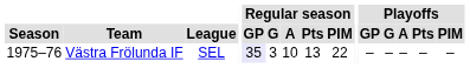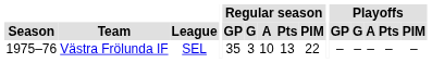 <table BORDER="0" CELLPADDING="2" CELLSPACING="0" ID="Table3" style="text-align:center">
 <tr bgcolor="#e0e0e0">
 <th colspan="3" bgcolor="#ffffff"></th>
 <th rowspan="99" bgcolor="#ffffff"></th>
 <th colspan="5">Regular season</th>
 <th rowspan="99" bgcolor="#ffffff"></th>
 <th colspan="5">Playoffs</th>
 </tr>
 <tr bgcolor="#e0e0e0">
 <th>Season</th>
 <th>Team</th>
 <th>League</th>
 <th>GP</th>
 <th>G</th>
 <th>A</th>
 <th>Pts</th>
 <th>PIM</th>
 <th>GP</th>
 <th>G</th>
 <th>A</th>
 <th>Pts</th>
 <th>PIM</th>
 </tr>
 <tr>
 <td>1975–76</td>
 <td><a href='#'>Västra Frölunda IF</a></td>
 <td><a href='#'>SEL</a></td>
-<td style="background: lavender;">35</td>
+<td>35</td>
 <td>3</td>
 <td>10</td>
 <td>13</td>
 <td>22</td>
 <td>–</td>
 <td>–</td>
 <td>–</td>
 <td>–</td>
 <td>–</td>
 </tr>
 </table>
